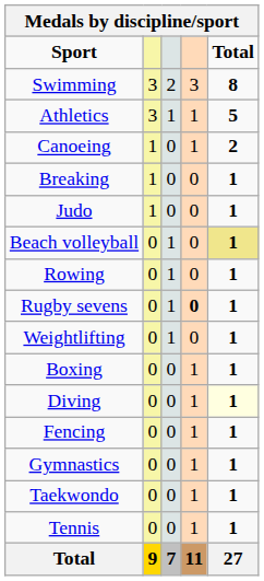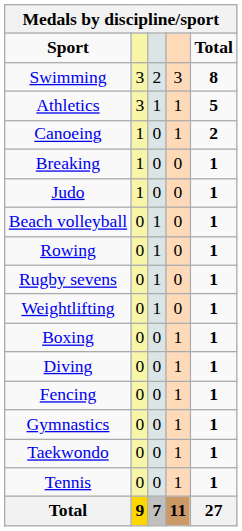 <table class="wikitable" style="font-size:85%">
 <tr style="background:#efefef;">
 <th colspan=7><strong>Medals by discipline/sport</strong></th>
 </tr>
 <tr align=center>
 <td><strong>Sport</strong></td>
 <td bgcolor=#f7f6a8></td>
 <td bgcolor=#dce5e5></td>
 <td bgcolor=#ffdab9></td>
 <td><strong>Total</strong></td>
 </tr>
 <tr align=center>
 <td><a href='#'>Swimming</a></td>
 <td style="background:#F7F6A8;">3</td>
 <td style="background:#DCE5E5;">2</td>
 <td style="background:#FFDAB9;">3</td>
 <td><strong>8</strong></td>
 </tr>
 <tr align=center>
 <td><a href='#'>Athletics</a></td>
 <td style="background:#F7F6A8;">3</td>
 <td style="background:#DCE5E5;">1</td>
 <td style="background:#FFDAB9;">1</td>
 <td><strong>5</strong></td>
 </tr>
 <tr align=center>
 <td><a href='#'>Canoeing</a></td>
 <td style="background:#F7F6A8;">1</td>
 <td style="background:#DCE5E5;">0</td>
 <td style="background:#FFDAB9;">1</td>
 <td><strong>2</strong></td>
 </tr>
 <tr align=center>
 <td><a href='#'>Breaking</a></td>
 <td style="background:#F7F6A8;">1</td>
 <td style="background:#DCE5E5;">0</td>
 <td style="background:#FFDAB9;">0</td>
 <td><strong>1</strong></td>
 </tr>
 <tr align=center>
 <td><a href='#'>Judo</a></td>
 <td style="background:#F7F6A8;">1</td>
 <td style="background:#DCE5E5;">0</td>
 <td style="background:#FFDAB9;">0</td>
 <td><strong>1</strong></td>
 </tr>
 <tr align=center>
 <td><a href='#'>Beach volleyball</a></td>
 <td style="background:#F7F6A8;">0</td>
 <td style="background:#DCE5E5;">1</td>
 <td style="background:#FFDAB9;">0</td>
-<td style="background: khaki;"><strong>1</strong></td>
+<td><strong>1</strong></td>
 </tr>
 <tr align=center>
 <td><a href='#'>Rowing</a></td>
 <td style="background:#F7F6A8;">0</td>
 <td style="background:#DCE5E5;">1</td>
 <td style="background:#FFDAB9;">0</td>
 <td><strong>1</strong></td>
 </tr>
 <tr align=center>
 <td><a href='#'>Rugby sevens</a></td>
 <td style="background:#F7F6A8;">0</td>
 <td style="background:#DCE5E5;">1</td>
-<td style="background:#FFDAB9;"><strong>0</strong></td>
+<td style="background:#FFDAB9;">0</td>
 <td><strong>1</strong></td>
 </tr>
 <tr align=center>
 <td><a href='#'>Weightlifting</a></td>
 <td style="background:#F7F6A8;">0</td>
 <td style="background:#DCE5E5;">1</td>
 <td style="background:#FFDAB9;">0</td>
 <td><strong>1</strong></td>
 </tr>
 <tr align=center>
 <td><a href='#'>Boxing</a></td>
 <td style="background:#F7F6A8;">0</td>
 <td style="background:#DCE5E5;">0</td>
 <td style="background:#FFDAB9;">1</td>
 <td><strong>1</strong></td>
 </tr>
 <tr align=center>
 <td><a href='#'>Diving</a></td>
 <td style="background:#F7F6A8;">0</td>
 <td style="background:#DCE5E5;">0</td>
 <td style="background:#FFDAB9;">1</td>
-<td style="background: lightyellow;"><strong>1</strong></td>
+<td><strong>1</strong></td>
 </tr>
 <tr align=center>
 <td><a href='#'>Fencing</a></td>
 <td style="background:#F7F6A8;">0</td>
 <td style="background:#DCE5E5;">0</td>
 <td style="background:#FFDAB9;">1</td>
 <td><strong>1</strong></td>
 </tr>
 <tr align=center>
 <td><a href='#'>Gymnastics</a></td>
 <td style="background:#F7F6A8;">0</td>
 <td style="background:#DCE5E5;">0</td>
 <td style="background:#FFDAB9;">1</td>
 <td><strong>1</strong></td>
 </tr>
 <tr align=center>
 <td><a href='#'>Taekwondo</a></td>
 <td style="background:#F7F6A8;">0</td>
 <td style="background:#DCE5E5;">0</td>
 <td style="background:#FFDAB9;">1</td>
 <td><strong>1</strong></td>
 </tr>
 <tr align=center>
 <td><a href='#'>Tennis</a></td>
 <td style="background:#F7F6A8;">0</td>
 <td style="background:#DCE5E5;">0</td>
 <td style="background:#FFDAB9;">1</td>
 <td><strong>1</strong></td>
 </tr>
 <tr align=center>
 <th><strong>Total</strong></th>
 <th style="background:gold;"><strong>9</strong></th>
 <th style="background:silver;"><strong>7</strong></th>
 <th style="background:#c96;"><strong>11</strong></th>
 <th><strong>27</strong></th>
 </tr>
 </table>
